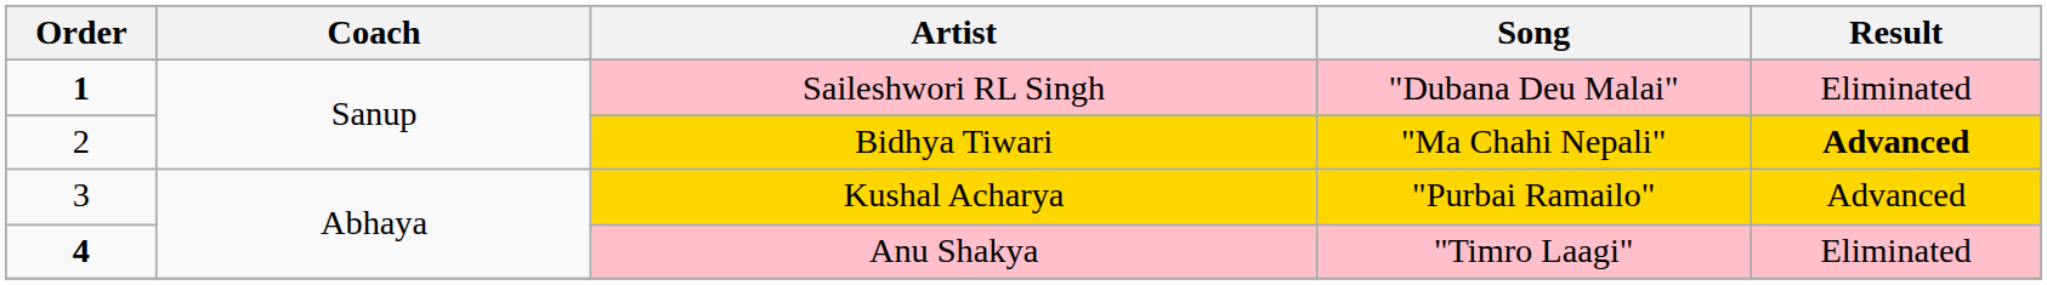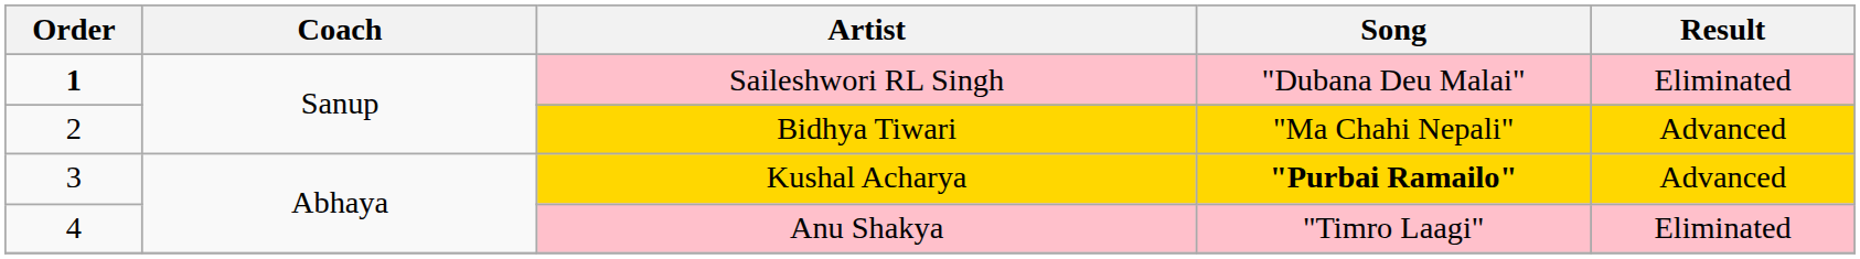 <table class="wikitable plainrowheaders" style="text-align:center; width:75%;">
 <tr>
 <th scope="col" style="width:05%;">Order</th>
 <th scope="col" style="width:15%;">Coach</th>
 <th scope="col" style="width:25%;">Artist</th>
 <th scope="col" style="width:15%;">Song</th>
 <th scope="col" style="width:10%;">Result</th>
 </tr>
 <tr>
 <td scope="row"><strong>1</strong></td>
 <td rowspan="2">Sanup</td>
 <td style="background:pink">Saileshwori RL Singh</td>
 <td style="background:pink">"Dubana Deu Malai"</td>
 <td style="background:pink">Eliminated</td>
 </tr>
 <tr>
 <td scope="row">2</td>
 <td style="background:gold">Bidhya Tiwari</td>
 <td style="background:gold">"Ma Chahi Nepali"</td>
-<td style="background:gold"><strong>Advanced</strong></td>
+<td style="background:gold">Advanced</td>
 </tr>
 <tr>
 <td scope="row">3</td>
 <td rowspan="2">Abhaya</td>
 <td style="background:gold">Kushal Acharya</td>
-<td style="background:gold">"Purbai Ramailo"</td>
+<td style="background:gold"><strong>"Purbai Ramailo"</strong></td>
 <td style="background:gold">Advanced</td>
 </tr>
 <tr>
-<td scope="row"><strong>4</strong></td>
+<td scope="row">4</td>
 <td style="background:pink">Anu Shakya</td>
 <td style="background:pink">"Timro Laagi"</td>
 <td style="background:pink">Eliminated</td>
 </tr>
 <tr>
 </tr>
 </table>
